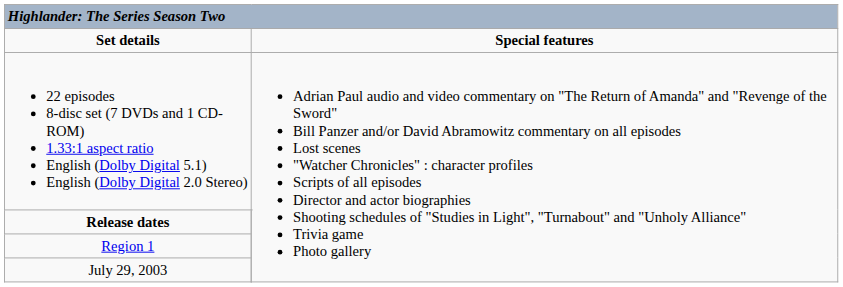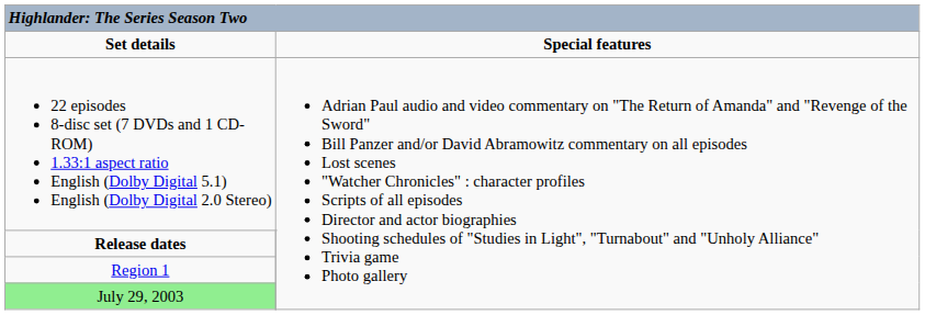 <table class="wikitable" style="font-size:95%;">
 <tr>
 <td colspan="5" style="background:#a3b4c8;color:black;"><strong><em>Highlander: The Series Season Two</em></strong></td>
 </tr>
 <tr valign="top">
 <td style="text-align:center;" colspan="3"><strong>Set details</strong></td>
 <td style="text-align:center;"><strong>Special features</strong></td>
 </tr>
 <tr valign="top">
 <td colspan="3"  style="text-align:left;"><br><ul><li>22 episodes</li><li>8-disc set (7 DVDs and 1 CD-ROM)</li><li><a href='#'>1.33:1 aspect ratio</a></li><li>English (<a href='#'>Dolby Digital</a> 5.1)</li><li>English (<a href='#'>Dolby Digital</a> 2.0 Stereo)</li></ul></td>
 <td rowspan="4"  style="text-align:left;"><br><ul><li>Adrian Paul audio and video commentary on "The Return of Amanda" and "Revenge of the Sword"</li><li>Bill Panzer and/or David Abramowitz commentary on all episodes</li><li>Lost scenes</li><li>"Watcher Chronicles" : character profiles</li><li>Scripts of all episodes</li><li>Director and actor biographies</li><li>Shooting schedules of "Studies in Light", "Turnabout" and "Unholy Alliance"</li><li>Trivia game</li><li>Photo gallery</li></ul></td>
 </tr>
 <tr>
 <td style="text-align:center;"><strong>Release dates</strong></td>
 </tr>
 <tr>
 <td style="text-align:center;"><a href='#'>Region 1</a></td>
 </tr>
 <tr>
-<td style="text-align:center;">July 29, 2003</td>
+<td style="background: lightgreen; text-align:center;">July 29, 2003</td>
 </tr>
 </table>
